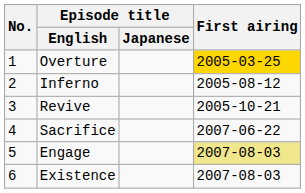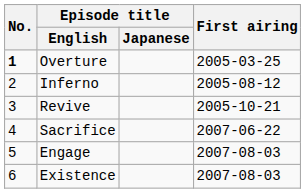 <table class="wikitable">
 <tr>
 <th rowspan="2">No.</th>
 <th colspan="2" align="center">Episode title</th>
 <th rowspan="2">First airing</th>
 </tr>
 <tr>
 <th>English</th>
 <th>Japanese</th>
 </tr>
 <tr>
-<td>1</td>
+<td><strong>1</strong></td>
 <td>Overture</td>
 <td></td>
-<td style="background: gold;">2005-03-25</td>
+<td>2005-03-25</td>
 </tr>
 <tr>
 <td>2</td>
 <td>Inferno</td>
 <td></td>
 <td>2005-08-12</td>
 </tr>
 <tr>
 <td>3</td>
 <td>Revive</td>
 <td></td>
 <td>2005-10-21</td>
 </tr>
 <tr>
 <td>4</td>
 <td>Sacrifice</td>
 <td></td>
 <td>2007-06-22</td>
 </tr>
 <tr>
 <td>5</td>
 <td>Engage</td>
 <td></td>
-<td style="background: khaki;">2007-08-03</td>
+<td>2007-08-03</td>
 </tr>
 <tr>
 <td>6</td>
 <td>Existence</td>
 <td></td>
 <td>2007-08-03</td>
 </tr>
 </table>
